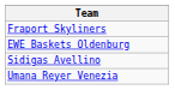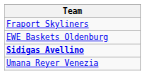 <table class="wikitable" style="width:17em;float:left; margin-right:0.5em">
 <tr>
 </tr>
 <tr>
 <th>Team</th>
 </tr>
 <tr>
 <td> <a href='#'>Fraport Skyliners</a></td>
 </tr>
 <tr>
 <td> <a href='#'>EWE Baskets Oldenburg</a></td>
 </tr>
 <tr>
-<td> <a href='#'>Sidigas Avellino</a></td>
+<td><strong> <a href='#'>Sidigas Avellino</a></strong></td>
 </tr>
 <tr>
 <td> <a href='#'>Umana Reyer Venezia</a></td>
 </tr>
 </table>
